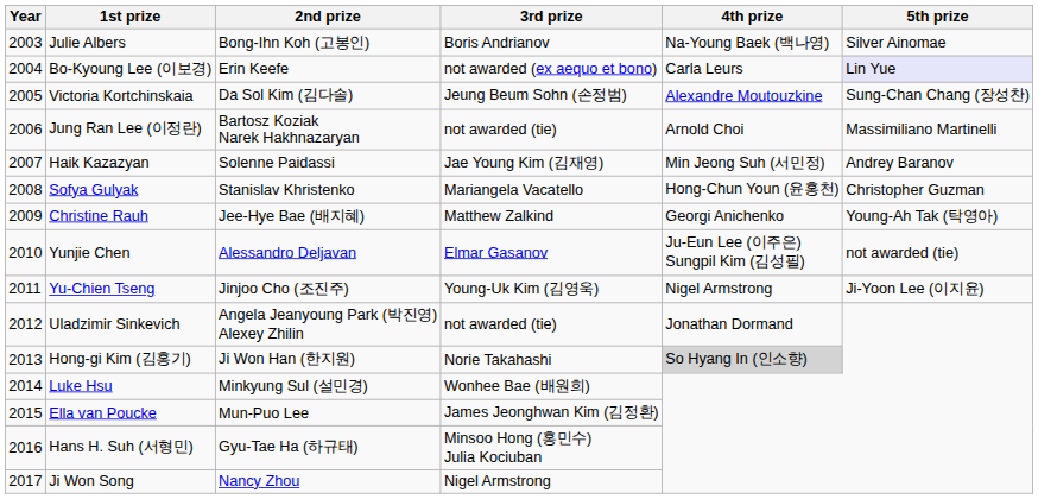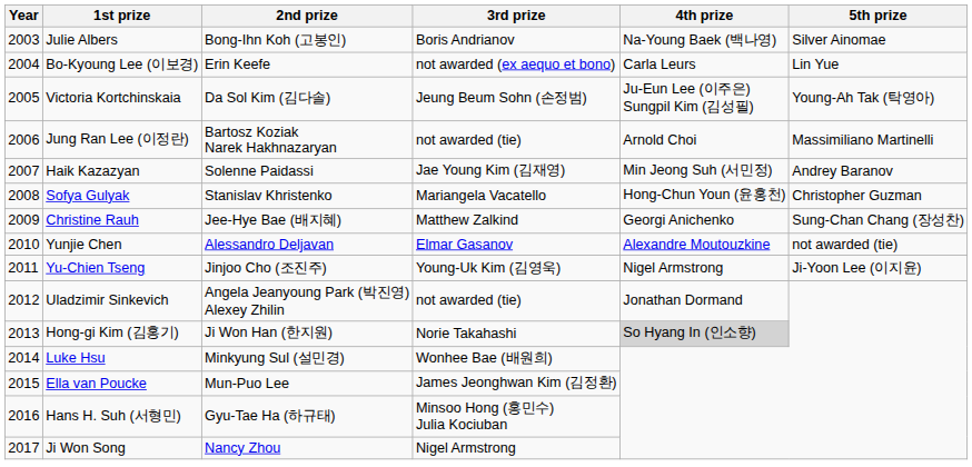 <table class="wikitable">
 <tr>
 <th>Year</th>
 <th>1st prize</th>
 <th>2nd prize</th>
 <th>3rd prize</th>
 <th>4th prize</th>
 <th>5th prize</th>
 </tr>
 <tr>
 <td>2003</td>
 <td>Julie Albers</td>
 <td>Bong-Ihn Koh (고봉인)</td>
 <td>Boris Andrianov</td>
 <td>Na-Young Baek (백나영)</td>
 <td>Silver Ainomae</td>
 </tr>
 <tr>
 <td>2004</td>
 <td>Bo-Kyoung Lee (이보경)</td>
 <td>Erin Keefe</td>
 <td>not awarded (<a href='#'>ex aequo et bono</a>)</td>
 <td>Carla Leurs</td>
-<td style="background: lavender;">Lin Yue</td>
+<td>Lin Yue</td>
 </tr>
 <tr>
 <td>2005</td>
 <td>Victoria Kortchinskaia</td>
 <td>Da Sol Kim (김다솔)</td>
 <td>Jeung Beum Sohn (손정범)</td>
-<td><a href='#'>Alexandre Moutouzkine</a></td>
-<td>Sung-Chan Chang (장성찬)</td>
+<td>Ju-Eun Lee (이주은)<br>Sungpil Kim (김성필)</td>
+<td>Young-Ah Tak (탁영아)</td>
 </tr>
 <tr>
 <td>2006</td>
 <td>Jung Ran Lee (이정란)</td>
 <td>Bartosz Koziak<br>Narek Hakhnazaryan</td>
 <td>not awarded (tie)</td>
 <td>Arnold Choi</td>
 <td>Massimiliano Martinelli</td>
 </tr>
 <tr>
 <td>2007</td>
 <td>Haik Kazazyan</td>
 <td>Solenne Paidassi</td>
 <td>Jae Young Kim (김재영)</td>
 <td>Min Jeong Suh (서민정)</td>
 <td>Andrey Baranov</td>
 </tr>
 <tr>
 <td>2008</td>
 <td><a href='#'>Sofya Gulyak</a></td>
 <td>Stanislav Khristenko</td>
 <td>Mariangela Vacatello</td>
 <td>Hong-Chun Youn (윤홍천)</td>
 <td>Christopher Guzman</td>
 </tr>
 <tr>
 <td>2009</td>
 <td><a href='#'>Christine Rauh</a></td>
 <td>Jee-Hye Bae (배지혜)</td>
 <td>Matthew Zalkind</td>
 <td>Georgi Anichenko</td>
-<td>Young-Ah Tak (탁영아)</td>
+<td>Sung-Chan Chang (장성찬)</td>
 </tr>
 <tr>
 <td>2010</td>
 <td>Yunjie Chen</td>
 <td><a href='#'>Alessandro Deljavan</a></td>
 <td><a href='#'>Elmar Gasanov</a></td>
-<td>Ju-Eun Lee (이주은)<br>Sungpil Kim (김성필)</td>
+<td><a href='#'>Alexandre Moutouzkine</a></td>
 <td>not awarded (tie)</td>
 </tr>
 <tr>
 <td>2011</td>
 <td><a href='#'>Yu-Chien Tseng</a></td>
 <td>Jinjoo Cho (조진주)</td>
 <td>Young-Uk Kim (김영욱)</td>
 <td>Nigel Armstrong</td>
 <td>Ji-Yoon Lee (이지윤)</td>
 </tr>
 <tr>
 <td>2012</td>
 <td>Uladzimir Sinkevich</td>
 <td>Angela Jeanyoung Park (박진영)<br>Alexey Zhilin</td>
 <td>not awarded (tie)</td>
 <td>Jonathan Dormand</td>
 </tr>
 <tr>
 <td>2013</td>
 <td>Hong-gi Kim (김홍기)</td>
 <td>Ji Won Han (한지원)</td>
 <td>Norie Takahashi</td>
 <td style="background: lightgrey;">So Hyang In (인소향)</td>
 </tr>
 <tr>
 <td>2014</td>
 <td><a href='#'>Luke Hsu</a></td>
 <td>Minkyung Sul (설민경)</td>
 <td>Wonhee Bae (배원희)</td>
 </tr>
 <tr>
 <td>2015</td>
 <td><a href='#'>Ella van Poucke</a></td>
 <td>Mun-Puo Lee</td>
 <td>James Jeonghwan Kim (김정환)</td>
 </tr>
 <tr>
 <td>2016</td>
 <td>Hans H. Suh (서형민)</td>
 <td>Gyu-Tae Ha (하규태)</td>
 <td>Minsoo Hong (홍민수)<br>Julia Kociuban</td>
 </tr>
 <tr>
 <td>2017</td>
 <td>Ji Won Song</td>
 <td><a href='#'>Nancy Zhou</a></td>
 <td>Nigel Armstrong</td>
 </tr>
 </table>
